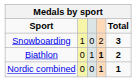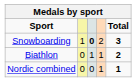 <table class="wikitable" style="font-size:95%;float:right;clear:right;">
 <tr style="background:#efefef;">
 <th colspan=5><strong>Medals by sport</strong></th>
 </tr>
 <tr align=center>
 <td><strong>Sport</strong></td>
 <td bgcolor=#f7f6a8></td>
 <td bgcolor=#dce5e5></td>
 <td bgcolor=#ffdab9></td>
 <td><strong>Total</strong></td>
 </tr>
 <tr align=center>
 <td><a href='#'>Snowboarding</a></td>
 <td style="background:#F7F6A8;">1</td>
-<td style="background:#DCE5E5;">0</td>
+<td style="background:#DCE5E5;"><strong>0</strong></td>
 <td style="background:#FFDAB9;">2</td>
 <td><strong>3</strong></td>
 </tr>
 <tr align=center>
 <td><a href='#'>Biathlon</a></td>
 <td style="background:#F7F6A8;">0</td>
 <td style="background:#DCE5E5;">1</td>
-<td style="background:#FFDAB9;"><strong>1</strong></td>
+<td style="background:#FFDAB9;">1</td>
 <td><strong>2</strong></td>
 </tr>
 <tr align=center>
 <td><a href='#'>Nordic combined</a></td>
 <td style="background:#F7F6A8;">0</td>
 <td style="background:#DCE5E5;">0</td>
 <td style="background:#FFDAB9;">1</td>
 <td><strong>1</strong></td>
 </tr>
 </table>
